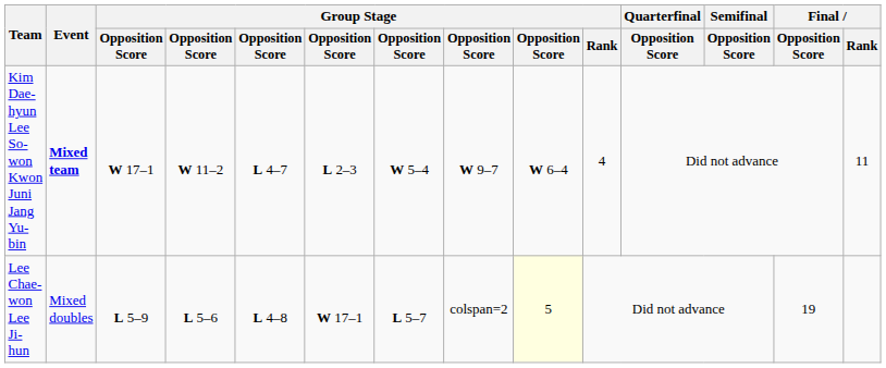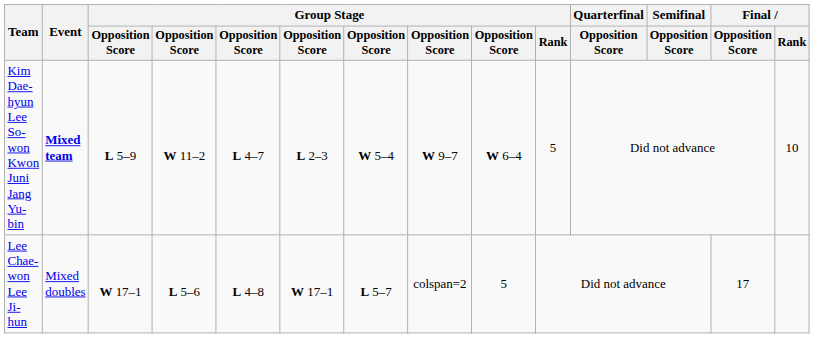 <table class="wikitable" style="font-size:90%">
 <tr>
 <th rowspan=2>Team</th>
 <th rowspan=2>Event</th>
 <th colspan=8>Group Stage</th>
 <th>Quarterfinal</th>
 <th>Semifinal</th>
 <th colspan=2>Final / </th>
 </tr>
 <tr style="font-size:95%">
 <th>Opposition <br> Score</th>
 <th>Opposition <br> Score</th>
 <th>Opposition <br> Score</th>
 <th>Opposition <br> Score</th>
 <th>Opposition <br> Score</th>
 <th>Opposition <br> Score</th>
 <th>Opposition <br> Score</th>
 <th>Rank</th>
 <th>Opposition <br> Score</th>
 <th>Opposition <br> Score</th>
 <th>Opposition <br> Score</th>
 <th>Rank</th>
 </tr>
 <tr align=center>
 <td align=left><a href='#'>Kim Dae-hyun</a><br><a href='#'>Lee So-won</a><br><a href='#'>Kwon Juni</a><br><a href='#'>Jang Yu-bin</a></td>
 <td align=left><strong><a href='#'>Mixed team</a></strong></td>
-<td><br><strong>W</strong> 17–1</td>
+<td><br><strong>L</strong> 5–9</td>
 <td><br><strong>W</strong> 11–2</td>
 <td><br><strong>L</strong> 4–7</td>
 <td><br><strong>L</strong> 2–3</td>
 <td><br><strong>W</strong> 5–4</td>
 <td><br><strong>W</strong> 9–7</td>
 <td><br><strong>W</strong> 6–4</td>
-<td>4</td>
+<td>5</td>
 <td colspan=3>Did not advance</td>
-<td>11</td>
+<td>10</td>
 </tr>
 <tr align=center>
 <td align=left><a href='#'>Lee Chae-won</a><br><a href='#'>Lee Ji-hun</a></td>
 <td align=left><a href='#'>Mixed doubles</a></td>
-<td><br><strong>L</strong> 5–9</td>
+<td><br><strong>W</strong> 17–1</td>
 <td><br><strong>L</strong> 5–6</td>
 <td><br><strong>L</strong> 4–8</td>
 <td><br><strong>W</strong> 17–1</td>
 <td><br><strong>L</strong> 5–7</td>
 <td>colspan=2</td>
-<td style="background: lightyellow;">5</td>
+<td>5</td>
 <td colspan=3>Did not advance</td>
-<td>19</td>
+<td>17</td>
 </tr>
 </table>
